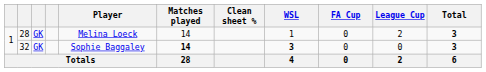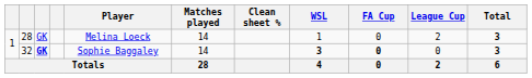 <table class="wikitable sortable" style="text-align:center; width:60%;">
 <tr>
 <th width=15></th>
 <th width=15></th>
 <th width=15></th>
 <th width=15></th>
 <th scope="col" style="width:150px">Player</th>
 <th>Matches played</th>
 <th>Clean sheet %</th>
 <th width=80><a href='#'>WSL</a></th>
 <th width=80><a href='#'>FA Cup</a></th>
 <th width=80><a href='#'>League Cup</a></th>
 <th width=80>Total</th>
 </tr>
 <tr>
 <td rowspan=2>1</td>
 <td>28</td>
 <td><a href='#'>GK</a></td>
 <td></td>
 <td><a href='#'>Melina Loeck</a></td>
 <td>14</td>
 <td></td>
 <td>1</td>
 <td>0</td>
 <td>2</td>
 <td><strong>3</strong></td>
 </tr>
 <tr>
 <td>32</td>
-<td><a href='#'>GK</a></td>
+<td><strong><a href='#'>GK</a></strong></td>
 <td></td>
 <td><a href='#'>Sophie Baggaley</a></td>
-<td><strong>14</strong></td>
+<td>14</td>
 <td></td>
 <td><strong>3</strong></td>
-<td>0</td>
+<td><strong>0</strong></td>
 <td>0</td>
 <td><strong>3</strong></td>
 </tr>
 <tr>
 <th colspan="5">Totals</th>
 <th>28</th>
 <th></th>
 <th>4</th>
 <th>0</th>
 <th>2</th>
 <th>6</th>
 </tr>
 </table>
